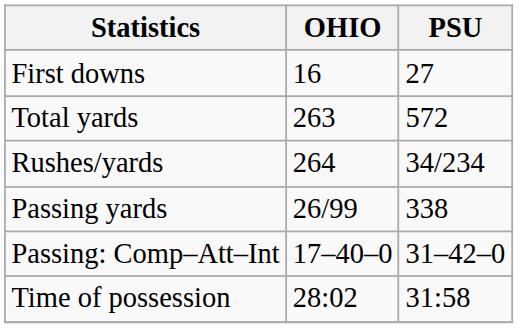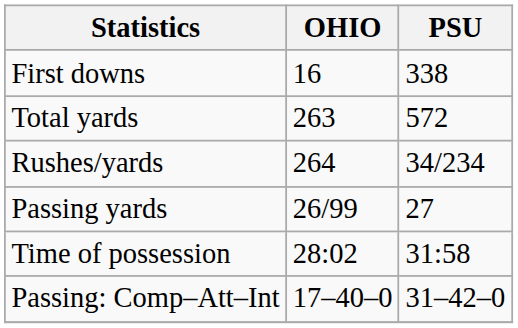 <table class="wikitable" style="float: left;">
 <tr>
 <th>Statistics</th>
 <th>OHIO</th>
 <th>PSU</th>
 </tr>
 <tr>
 <td>First downs</td>
 <td>16</td>
-<td>27</td>
+<td>338</td>
 </tr>
 <tr>
 <td>Total yards</td>
 <td>263</td>
 <td>572</td>
 </tr>
 <tr>
 <td>Rushes/yards</td>
 <td>264</td>
 <td>34/234</td>
 </tr>
 <tr>
 <td>Passing yards</td>
 <td>26/99</td>
-<td>338</td>
+<td>27</td>
+</tr>
+<tr>
+<td>Time of possession</td>
+<td>28:02</td>
+<td>31:58</td>
 </tr>
 <tr>
 <td>Passing: Comp–Att–Int</td>
 <td>17–40–0</td>
 <td>31–42–0</td>
 </tr>
 <tr>
-<td>Time of possession</td>
-<td>28:02</td>
-<td>31:58</td>
-</tr>
-<tr>
 </tr>
 </table>
